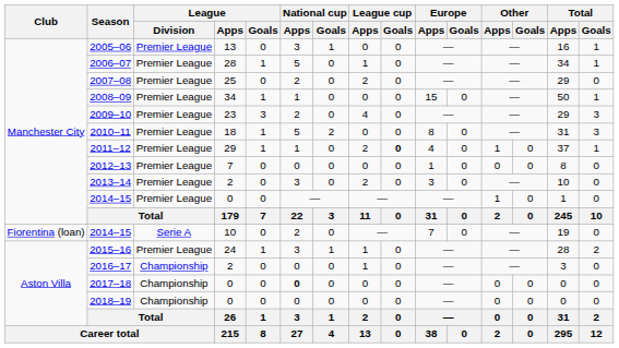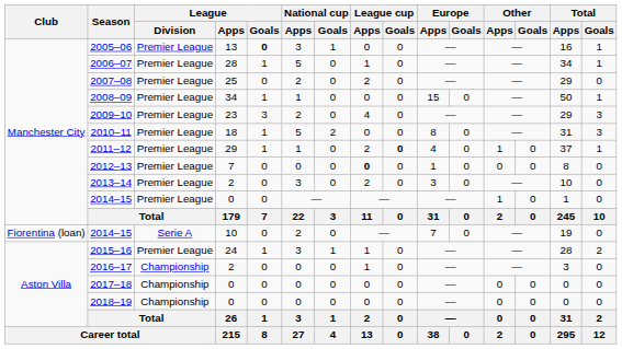 <table class=wikitable style=text-align:center>
 <tr>
 <th rowspan=2>Club</th>
 <th rowspan=2>Season</th>
 <th colspan=3>League</th>
 <th colspan=2>National cup</th>
 <th colspan=2>League cup</th>
 <th colspan=2>Europe</th>
 <th colspan=2>Other</th>
 <th colspan=2>Total</th>
 </tr>
 <tr>
 <th>Division</th>
 <th>Apps</th>
 <th>Goals</th>
 <th>Apps</th>
 <th>Goals</th>
 <th>Apps</th>
 <th>Goals</th>
 <th>Apps</th>
 <th>Goals</th>
 <th>Apps</th>
 <th>Goals</th>
 <th>Apps</th>
 <th>Goals</th>
 </tr>
 <tr>
 <td rowspan=11><a href='#'>Manchester City</a></td>
 <td><a href='#'>2005–06</a></td>
 <td><a href='#'>Premier League</a></td>
 <td>13</td>
-<td>0</td>
+<td><strong>0</strong></td>
 <td>3</td>
 <td>1</td>
 <td>0</td>
 <td>0</td>
 <td colspan=2>—</td>
 <td colspan=2>—</td>
 <td>16</td>
 <td>1</td>
 </tr>
 <tr>
 <td><a href='#'>2006–07</a></td>
 <td>Premier League</td>
 <td>28</td>
 <td>1</td>
 <td>5</td>
 <td>0</td>
 <td>1</td>
 <td>0</td>
 <td colspan=2>—</td>
 <td colspan=2>—</td>
 <td>34</td>
 <td>1</td>
 </tr>
 <tr>
 <td><a href='#'>2007–08</a></td>
 <td>Premier League</td>
 <td>25</td>
 <td>0</td>
 <td>2</td>
 <td>0</td>
 <td>2</td>
 <td>0</td>
 <td colspan=2>—</td>
 <td colspan=2>—</td>
 <td>29</td>
 <td>0</td>
 </tr>
 <tr>
 <td><a href='#'>2008–09</a></td>
 <td>Premier League</td>
 <td>34</td>
 <td>1</td>
 <td>1</td>
 <td>0</td>
 <td>0</td>
 <td>0</td>
 <td>15</td>
 <td>0</td>
 <td colspan=2>—</td>
 <td>50</td>
 <td>1</td>
 </tr>
 <tr>
 <td><a href='#'>2009–10</a></td>
 <td>Premier League</td>
 <td>23</td>
 <td>3</td>
 <td>2</td>
 <td>0</td>
 <td>4</td>
 <td>0</td>
 <td colspan=2>—</td>
 <td colspan=2>—</td>
 <td>29</td>
 <td>3</td>
 </tr>
 <tr>
 <td><a href='#'>2010–11</a></td>
 <td>Premier League</td>
 <td>18</td>
 <td>1</td>
 <td>5</td>
 <td>2</td>
 <td>0</td>
 <td>0</td>
 <td>8</td>
 <td>0</td>
 <td colspan=2>—</td>
 <td>31</td>
 <td>3</td>
 </tr>
 <tr>
 <td><a href='#'>2011–12</a></td>
 <td>Premier League</td>
 <td>29</td>
 <td>1</td>
 <td>1</td>
 <td>0</td>
 <td>2</td>
 <td><strong>0</strong></td>
 <td>4</td>
 <td>0</td>
 <td>1</td>
 <td>0</td>
 <td>37</td>
 <td>1</td>
 </tr>
 <tr>
 <td><a href='#'>2012–13</a></td>
 <td>Premier League</td>
 <td>7</td>
 <td>0</td>
 <td>0</td>
 <td>0</td>
-<td>0</td>
+<td><strong>0</strong></td>
 <td>0</td>
 <td>1</td>
 <td>0</td>
 <td>0</td>
 <td>0</td>
 <td>8</td>
 <td>0</td>
 </tr>
 <tr>
 <td><a href='#'>2013–14</a></td>
 <td>Premier League</td>
 <td>2</td>
 <td>0</td>
 <td>3</td>
 <td>0</td>
 <td>2</td>
 <td>0</td>
 <td>3</td>
 <td>0</td>
 <td colspan=2>—</td>
 <td>10</td>
 <td>0</td>
 </tr>
 <tr>
 <td><a href='#'>2014–15</a></td>
 <td>Premier League</td>
 <td>0</td>
 <td>0</td>
 <td colspan=2>—</td>
 <td colspan=2>—</td>
 <td colspan=2>—</td>
 <td>1</td>
 <td>0</td>
 <td>1</td>
 <td>0</td>
 </tr>
 <tr>
 <th colspan=2>Total</th>
 <th>179</th>
 <th>7</th>
 <th>22</th>
 <th>3</th>
 <th>11</th>
 <th>0</th>
 <th>31</th>
 <th>0</th>
 <th>2</th>
 <th>0</th>
 <th>245</th>
 <th>10</th>
 </tr>
 <tr>
 <td><a href='#'>Fiorentina</a> (loan)</td>
 <td><a href='#'>2014–15</a></td>
 <td><a href='#'>Serie A</a></td>
 <td>10</td>
 <td>0</td>
 <td>2</td>
 <td>0</td>
 <td colspan=2>—</td>
 <td>7</td>
 <td>0</td>
 <td colspan=2>—</td>
 <td>19</td>
 <td>0</td>
 </tr>
 <tr>
 <td rowspan=5><a href='#'>Aston Villa</a></td>
 <td><a href='#'>2015–16</a></td>
 <td>Premier League</td>
 <td>24</td>
 <td>1</td>
 <td>3</td>
 <td>1</td>
 <td>1</td>
 <td>0</td>
 <td colspan=2>—</td>
 <td colspan=2>—</td>
 <td>28</td>
 <td>2</td>
 </tr>
 <tr>
 <td><a href='#'>2016–17</a></td>
 <td><a href='#'>Championship</a></td>
 <td>2</td>
 <td>0</td>
 <td>0</td>
 <td>0</td>
 <td>1</td>
 <td>0</td>
 <td colspan=2>—</td>
 <td colspan=2>—</td>
 <td>3</td>
 <td>0</td>
 </tr>
 <tr>
 <td><a href='#'>2017–18</a></td>
 <td>Championship</td>
 <td>0</td>
 <td>0</td>
-<td><strong>0</strong></td>
+<td>0</td>
 <td>0</td>
 <td>0</td>
 <td>0</td>
 <td colspan=2>—</td>
 <td>0</td>
 <td>0</td>
 <td>0</td>
 <td>0</td>
 </tr>
 <tr>
 <td><a href='#'>2018–19</a></td>
 <td>Championship</td>
 <td>0</td>
 <td>0</td>
 <td>0</td>
 <td>0</td>
 <td>0</td>
 <td>0</td>
 <td colspan=2>—</td>
 <td>0</td>
 <td>0</td>
 <td>0</td>
 <td>0</td>
 </tr>
 <tr>
 <th colspan=2>Total</th>
 <th>26</th>
 <th>1</th>
 <th>3</th>
 <th>1</th>
 <th>2</th>
 <th>0</th>
 <th colspan=2>—</th>
 <th>0</th>
 <th>0</th>
 <th>31</th>
 <th>2</th>
 </tr>
 <tr>
 <th colspan=3>Career total</th>
 <th>215</th>
 <th>8</th>
 <th>27</th>
 <th>4</th>
 <th>13</th>
 <th>0</th>
 <th>38</th>
 <th>0</th>
 <th>2</th>
 <th>0</th>
 <th>295</th>
 <th>12</th>
 </tr>
 </table>
